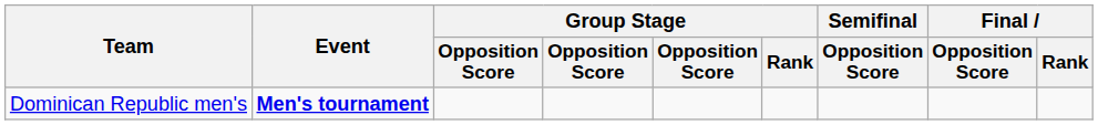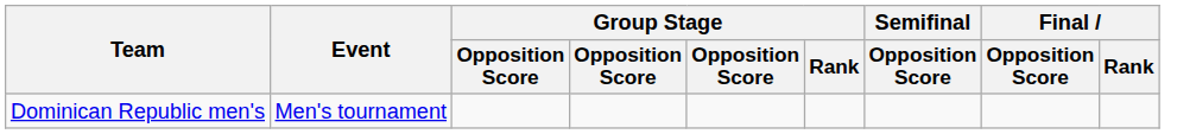 <table class=wikitable style=font-size:90%>
 <tr>
 <th rowspan=2>Team</th>
 <th rowspan=2>Event</th>
 <th colspan=4>Group Stage</th>
 <th>Semifinal</th>
 <th colspan=2>Final / </th>
 </tr>
 <tr style=font-size:95%>
 <th>Opposition<br>Score</th>
 <th>Opposition<br>Score</th>
 <th>Opposition<br>Score</th>
 <th>Rank</th>
 <th>Opposition<br>Score</th>
 <th>Opposition<br>Score</th>
 <th>Rank</th>
 </tr>
 <tr align=center>
 <td align=left><a href='#'>Dominican Republic men's</a></td>
-<td align=left><strong><a href='#'>Men's tournament</a></strong></td>
+<td align=left><a href='#'>Men's tournament</a></td>
 <td></td>
 <td></td>
 <td></td>
 <td></td>
 <td></td>
 <td></td>
 <td></td>
 </tr>
 </table>
